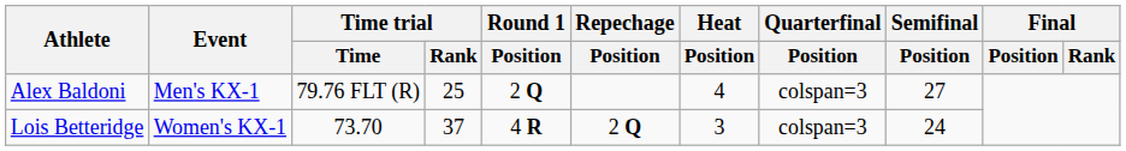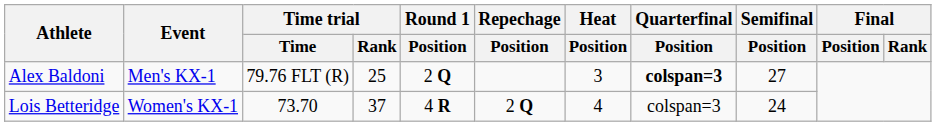 <table class=wikitable style=font-size:90%;text-align:center>
 <tr>
 <th rowspan=2>Athlete</th>
 <th rowspan=2>Event</th>
 <th colspan=2>Time trial</th>
 <th>Round 1</th>
 <th>Repechage</th>
 <th>Heat</th>
 <th>Quarterfinal</th>
 <th>Semifinal</th>
 <th colspan=2>Final</th>
 </tr>
 <tr style=font-size:95%>
 <th>Time</th>
 <th>Rank</th>
 <th>Position</th>
 <th>Position</th>
 <th>Position</th>
 <th>Position</th>
 <th>Position</th>
 <th>Position</th>
 <th>Rank</th>
 </tr>
 <tr>
 <td align=left><a href='#'>Alex Baldoni</a></td>
 <td align=left><a href='#'>Men's KX-1</a></td>
 <td>79.76 FLT (R)</td>
 <td>25</td>
 <td>2 <strong>Q</strong></td>
 <td></td>
-<td>4</td>
-<td>colspan=3 </td>
+<td>3</td>
+<td><strong>colspan=3 </strong></td>
 <td>27</td>
 </tr>
 <tr>
 <td align=left><a href='#'>Lois Betteridge</a></td>
 <td align=left><a href='#'>Women's KX-1</a></td>
 <td>73.70</td>
 <td>37</td>
 <td>4 <strong>R</strong></td>
 <td>2 <strong>Q</strong></td>
-<td>3</td>
+<td>4</td>
 <td>colspan=3 </td>
 <td>24</td>
 </tr>
 </table>
